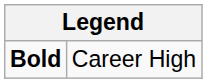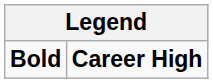 <table class="wikitable">
 <tr>
 <th colspan="2">Legend</th>
 </tr>
 <tr>
 <td><strong>Bold</strong></td>
-<td>Career High</td>
+<td><strong>Career High</strong></td>
 </tr>
 </table>
